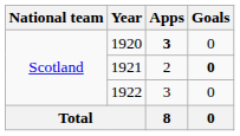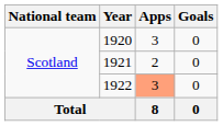 <table class=wikitable style="text-align: center">
 <tr>
 <th>National team</th>
 <th>Year</th>
 <th>Apps</th>
 <th>Goals</th>
 </tr>
 <tr>
 <td rowspan=3><a href='#'>Scotland</a></td>
 <td>1920</td>
-<td><strong>3</strong></td>
+<td>3</td>
 <td>0</td>
 </tr>
 <tr>
 <td>1921</td>
 <td>2</td>
-<td><strong>0</strong></td>
+<td>0</td>
 </tr>
 <tr>
 <td>1922</td>
-<td>3</td>
+<td style="background: lightsalmon;">3</td>
 <td>0</td>
 </tr>
 <tr>
 <th colspan=2>Total</th>
 <th>8</th>
 <th>0</th>
 </tr>
 </table>
